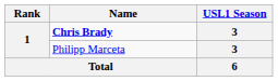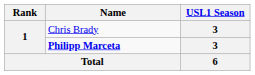 <table class="wikitable" style="text-align:center;">
 <tr>
 <th style="width:56px;">Rank</th>
 <th style="width:200px;">Name</th>
 <th style="width:100px;"><a href='#'>USL1 Season</a></th>
 </tr>
 <tr>
 <th rowspan="2">1</th>
-<td align="left"><strong> <a href='#'>Chris Brady</a></strong></td>
+<td align="left"> <a href='#'>Chris Brady</a></td>
 <th>3</th>
 </tr>
 <tr>
-<td align="left"> <a href='#'>Philipp Marceta</a></td>
+<td align="left"><strong> <a href='#'>Philipp Marceta</a></strong></td>
 <th>3</th>
 </tr>
 <tr>
 <th colspan="2">Total</th>
 <th>6</th>
 </tr>
 </table>
